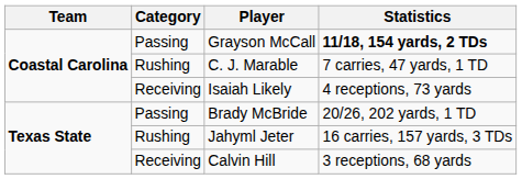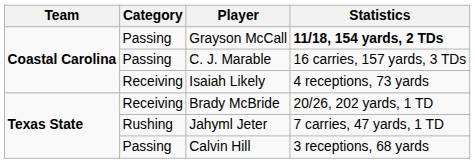 <table class="wikitable" style="float: left;">
 <tr>
 <th>Team</th>
 <th>Category</th>
 <th>Player</th>
 <th>Statistics</th>
 </tr>
 <tr>
 <td rowspan=3><strong>Coastal Carolina</strong></td>
 <td>Passing</td>
 <td>Grayson McCall</td>
 <td><strong>11/18, 154 yards, 2 TDs</strong></td>
 </tr>
 <tr>
-<td>Rushing</td>
+<td>Passing</td>
 <td>C. J. Marable</td>
-<td>7 carries, 47 yards, 1 TD</td>
+<td>16 carries, 157 yards, 3 TDs</td>
 </tr>
 <tr>
 <td>Receiving</td>
 <td>Isaiah Likely</td>
 <td>4 receptions, 73 yards</td>
 </tr>
 <tr>
 <td rowspan=3><strong>Texas State</strong></td>
-<td>Passing</td>
+<td>Receiving</td>
 <td>Brady McBride</td>
 <td>20/26, 202 yards, 1 TD</td>
 </tr>
 <tr>
 <td>Rushing</td>
 <td>Jahyml Jeter</td>
-<td>16 carries, 157 yards, 3 TDs</td>
+<td>7 carries, 47 yards, 1 TD</td>
 </tr>
 <tr>
-<td>Receiving</td>
+<td>Passing</td>
 <td>Calvin Hill</td>
 <td>3 receptions, 68 yards</td>
 </tr>
 </table>
